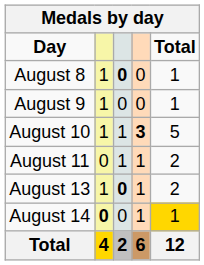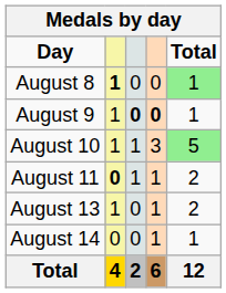 <table class="wikitable" style="font-size:85%; float:right">
 <tr align=center>
 <th colspan=7>Medals by day</th>
 </tr>
 <tr align=center>
 <td><strong>Day</strong></td>
 <td style="background:#f7f6a8;"></td>
 <td style="background:#dce5e5;"></td>
 <td style="background:#ffdab9;"></td>
 <td><strong>Total</strong></td>
 </tr>
 <tr align=center>
 <td>August 8</td>
-<td style="background:#f7f6a8;">1</td>
-<td style="background:#dce5e5;"><strong>0</strong></td>
+<td style="background:#f7f6a8;"><strong>1</strong></td>
+<td style="background:#dce5e5;">0</td>
 <td style="background:#ffdab9;">0</td>
-<td>1</td>
+<td style="background: lightgreen;">1</td>
 </tr>
 <tr align=center>
 <td>August 9</td>
 <td style="background:#f7f6a8;">1</td>
-<td style="background:#dce5e5;">0</td>
-<td style="background:#ffdab9;">0</td>
+<td style="background:#dce5e5;"><strong>0</strong></td>
+<td style="background:#ffdab9;"><strong>0</strong></td>
 <td>1</td>
 </tr>
 <tr align=center>
 <td>August 10</td>
 <td style="background:#f7f6a8;">1</td>
 <td style="background:#dce5e5;">1</td>
-<td style="background:#ffdab9;"><strong>3</strong></td>
-<td>5</td>
+<td style="background:#ffdab9;">3</td>
+<td style="background: lightgreen;">5</td>
 </tr>
 <tr align=center>
 <td>August 11</td>
-<td style="background:#f7f6a8;">0</td>
+<td style="background:#f7f6a8;"><strong>0</strong></td>
 <td style="background:#dce5e5;">1</td>
 <td style="background:#ffdab9;">1</td>
 <td>2</td>
 </tr>
 <tr align=center>
 <td>August 13</td>
 <td style="background:#f7f6a8;">1</td>
-<td style="background:#dce5e5;"><strong>0</strong></td>
+<td style="background:#dce5e5;">0</td>
 <td style="background:#ffdab9;">1</td>
 <td>2</td>
 </tr>
 <tr align=center>
 <td>August 14</td>
-<td style="background:#f7f6a8;"><strong>0</strong></td>
+<td style="background:#f7f6a8;">0</td>
 <td style="background:#dce5e5;">0</td>
 <td style="background:#ffdab9;">1</td>
-<td style="background: gold;">1</td>
+<td>1</td>
 </tr>
 <tr align=center>
 <th>Total</th>
 <th style="background:gold;">4</th>
 <th style="background:silver;">2</th>
 <th style="background:#c96;">6</th>
 <th>12</th>
 </tr>
 </table>
